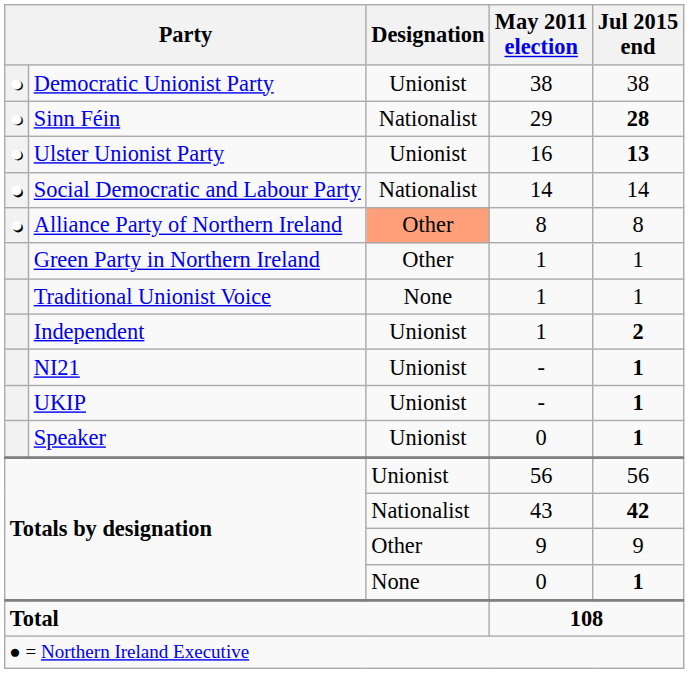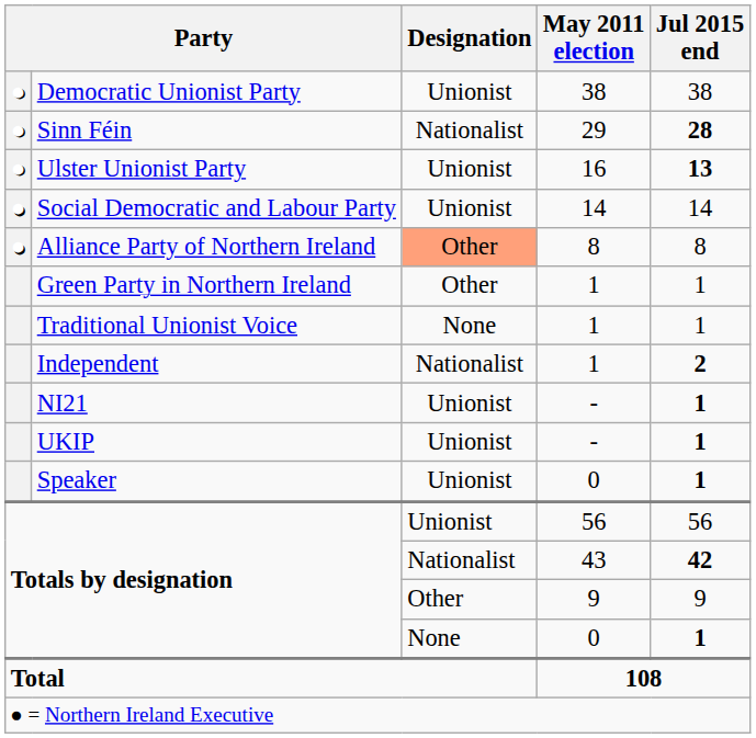 <table class="wikitable" >
 <tr>
 <th colspan=2>Party</th>
 <th>Designation</th>
 <th>May 2011<br><a href='#'>election</a></th>
 <th>Jul 2015<br>end</th>
 </tr>
 <tr>
 <th style="color:white; text-shadow: 1px 1px 0 black; background-color: ">●</th>
 <td><a href='#'>Democratic Unionist Party</a></td>
 <td style="text-align:center;">Unionist</td>
 <td style="text-align:center;">38</td>
 <td style="text-align:center;">38</td>
 </tr>
 <tr>
 <th style="color:white; text-shadow: 1px 1px 0 black; background-color: ">●</th>
 <td><a href='#'>Sinn Féin</a></td>
 <td style="text-align:center;">Nationalist</td>
 <td style="text-align:center;">29</td>
 <td style="text-align:center;"><strong>28</strong></td>
 </tr>
 <tr>
 <th style="color:white; text-shadow: 1px 1px 0 black; background-color: ">●</th>
 <td><a href='#'>Ulster Unionist Party</a></td>
 <td style="text-align:center;">Unionist</td>
 <td style="text-align:center;">16</td>
 <td style="text-align:center;"><strong>13</strong></td>
 </tr>
 <tr>
 <th style="color:white; text-shadow: 1px 1px 0 black; background-color: ">●</th>
 <td><a href='#'>Social Democratic and Labour Party</a></td>
-<td style="text-align:center;">Nationalist</td>
+<td style="text-align:center;">Unionist</td>
 <td style="text-align:center;">14</td>
 <td style="text-align:center;">14</td>
 </tr>
 <tr>
 <th style="color:white; text-shadow: 1px 1px 0 black; background-color: ">●</th>
 <td><a href='#'>Alliance Party of Northern Ireland</a></td>
 <td style="background: lightsalmon; text-align:center;">Other</td>
 <td style="text-align:center;">8</td>
 <td style="text-align:center;">8</td>
 </tr>
 <tr>
 <th style="color:white; text-shadow: 1px 1px 0 black; background-color: "></th>
 <td><a href='#'>Green Party in Northern Ireland</a></td>
 <td style="text-align:center;">Other</td>
 <td style="text-align:center;">1</td>
 <td style="text-align:center;">1</td>
 </tr>
 <tr>
 <th style="color:white; text-shadow: 1px 1px 0 black; background-color: "></th>
 <td><a href='#'>Traditional Unionist Voice</a></td>
 <td style="text-align:center;">None</td>
 <td style="text-align:center;">1</td>
 <td style="text-align:center;">1</td>
 </tr>
 <tr>
 <th style="color:white; text-shadow: 1px 1px 0 black; background-color: "></th>
 <td><a href='#'>Independent</a></td>
-<td style="text-align:center;">Unionist</td>
+<td style="text-align:center;">Nationalist</td>
 <td style="text-align:center;">1</td>
 <td style="text-align:center;"><strong>2</strong></td>
 </tr>
 <tr>
 <th style="color:white; text-shadow: 1px 1px 0 black; background-color: "></th>
 <td><a href='#'>NI21</a></td>
 <td style="text-align:center;">Unionist</td>
 <td style="text-align:center;">-</td>
 <td style="text-align:center;"><strong>1</strong></td>
 </tr>
 <tr>
 <th style="background-color: "></th>
 <td><a href='#'>UKIP</a></td>
 <td style="text-align:center;">Unionist</td>
 <td style="text-align:center;">-</td>
 <td style="text-align:center;"><strong>1</strong></td>
 </tr>
 <tr style="border-bottom: 2px solid gray">
 <th style="color:white; text-shadow: 1px 1px 0 black; background-color: "></th>
 <td><a href='#'>Speaker</a></td>
 <td style="text-align:center;">Unionist</td>
 <td style="text-align:center;">0</td>
 <td style="text-align:center;"><strong>1</strong></td>
 </tr>
 <tr>
 <td colspan="2" rowspan="4"><strong>Totals by designation</strong></td>
 <td>Unionist</td>
 <td style="text-align:center;">56</td>
 <td style="text-align:center;">56</td>
 </tr>
 <tr>
 <td>Nationalist</td>
 <td style="text-align:center;">43</td>
 <td style="text-align:center;"><strong>42</strong></td>
 </tr>
 <tr>
 <td>Other</td>
 <td style="text-align:center;">9</td>
 <td style="text-align:center;">9</td>
 </tr>
 <tr style="border-bottom: 2px solid gray">
 <td>None</td>
 <td style="text-align:center;">0</td>
 <td style="text-align:center;"><strong>1</strong></td>
 </tr>
 <tr>
 <td colspan="3"><strong>Total</strong></td>
 <td colspan="2" style="text-align:center;"><strong>108</strong></td>
 </tr>
 <tr>
 <td colspan="5" style="font-size:85%">● = <a href='#'>Northern Ireland Executive</a></td>
 </tr>
 </table>
